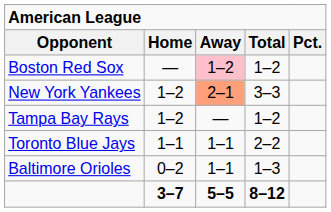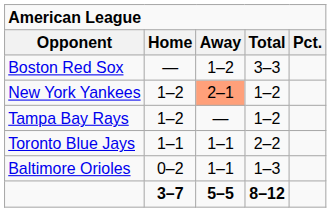 <table class="wikitable" style="font-size: 95%; text-align: center">
 <tr>
 <td colspan="7" style="text-align:left; "><strong>American League</strong></td>
 </tr>
 <tr>
 <th>Opponent</th>
 <th>Home</th>
 <th>Away</th>
 <th>Total</th>
 <th>Pct.</th>
 </tr>
 <tr>
 <td style="text-align:left"><a href='#'>Boston Red Sox</a></td>
 <td>—</td>
-<td style="background: pink;">1–2</td>
 <td>1–2</td>
+<td>3–3</td>
 <td></td>
 </tr>
 <tr>
 <td style="text-align:left"><a href='#'>New York Yankees</a></td>
 <td>1–2</td>
 <td style="background: lightsalmon;">2–1</td>
-<td>3–3</td>
+<td>1–2</td>
 <td></td>
 </tr>
 <tr>
 <td style="text-align:left"><a href='#'>Tampa Bay Rays</a></td>
 <td>1–2</td>
 <td>—</td>
 <td>1–2</td>
 <td></td>
 </tr>
 <tr>
 <td style="text-align:left"><a href='#'>Toronto Blue Jays</a></td>
 <td>1–1</td>
 <td>1–1</td>
 <td>2–2</td>
 <td></td>
 </tr>
 <tr>
 <td style="text-align:left"><a href='#'>Baltimore Orioles</a></td>
 <td>0–2</td>
 <td>1–1</td>
 <td>1–3</td>
 <td></td>
 </tr>
 <tr style="font-weight:bold">
 <td></td>
 <td>3–7</td>
 <td>5–5</td>
 <td>8–12</td>
 <td></td>
 </tr>
 </table>
